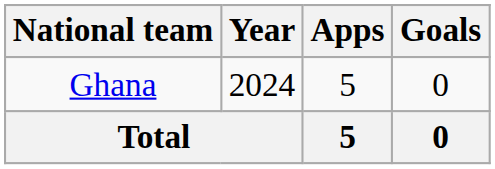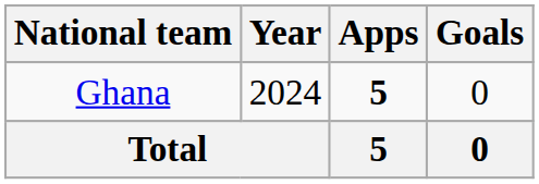 <table class="wikitable" style="text-align:center">
 <tr>
 <th>National team</th>
 <th>Year</th>
 <th>Apps</th>
 <th>Goals</th>
 </tr>
 <tr>
 <td><a href='#'>Ghana</a></td>
 <td>2024</td>
-<td>5</td>
+<td><strong>5</strong></td>
 <td>0</td>
 </tr>
 <tr>
 <th colspan="2">Total</th>
 <th>5</th>
 <th>0</th>
 </tr>
 </table>
